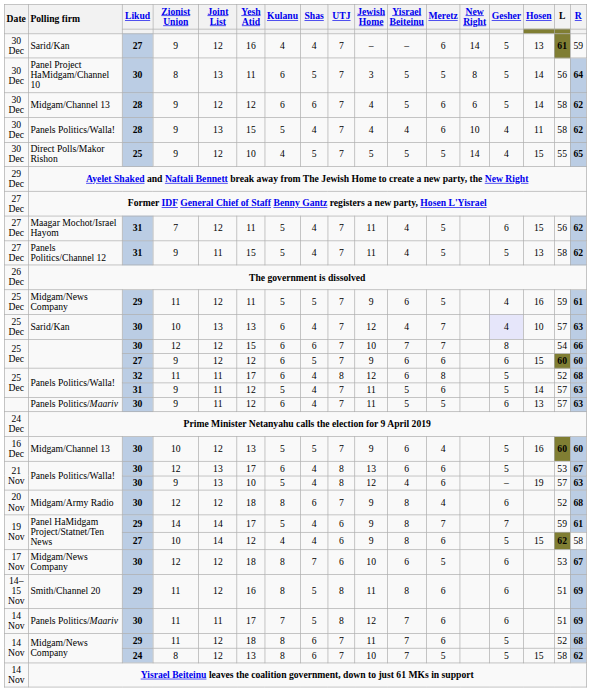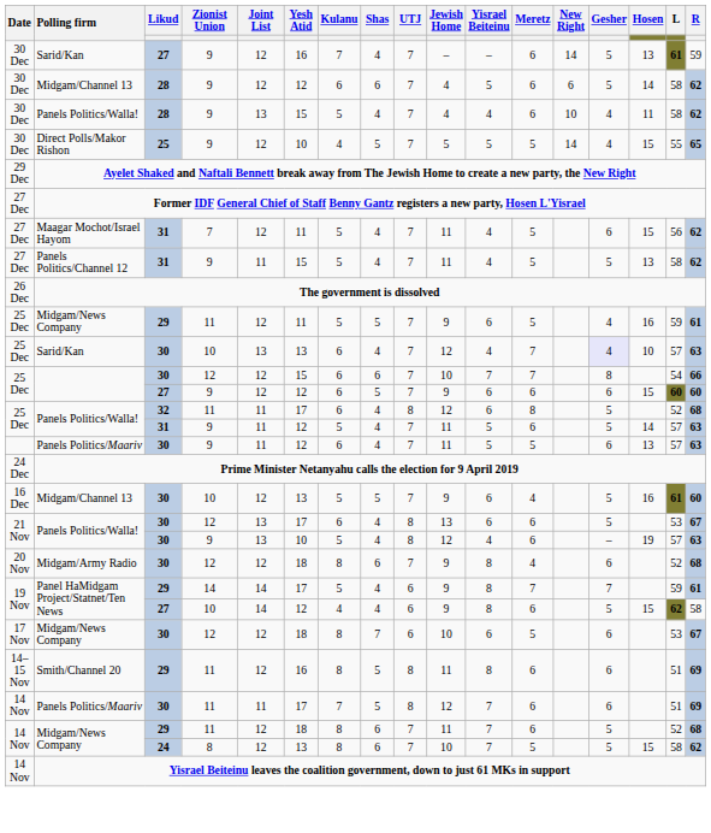 <table class="wikitable sortable" style="text-align:center; font-size:90%; line-height:15px;">
 <tr>
 <th rowspan="2">Date</th>
 <th style="width:150px;text-align:left;" rowspan="2">Polling firm</th>
 <th class="unsortable" style="width:40px;"><a href='#'>Likud</a></th>
 <th class="unsortable" style="width:80px;"><a href='#'>Zionist<br>Union</a></th>
 <th class="unsortable" style="width:70px;"><a href='#'>Joint<br>List</a></th>
 <th class="unsortable" style="width:40px;"><a href='#'>Yesh<br>Atid</a></th>
 <th class="unsortable" style="width:40px;"><a href='#'>Kulanu</a></th>
 <th class="unsortable" style="width:40px;"><a href='#'>Shas</a></th>
 <th class="unsortable" style="width:40px;"><a href='#'>UTJ</a></th>
 <th class="unsortable" style="width:40px;"><a href='#'>Jewish<br>Home</a></th>
 <th class="unsortable" style="width:40px;"><a href='#'>Yisrael<br>Beiteinu</a></th>
 <th class="unsortable" style="width:40px;"><a href='#'>Meretz</a></th>
 <th class="unsortable" style="width:40px;"><a href='#'>New<br>Right</a></th>
 <th class="unsortable" style="width:40px;"><a href='#'>Gesher</a></th>
 <th class="unsortable" style="width:40px;"><a href='#'>Hosen</a></th>
 <th class="unsortable" style="width:20px;">L</th>
 <th class="unsortable" style="width:20px;"><a href='#'>R</a></th>
 </tr>
 <tr>
 <th style="color:inherit;background:"></th>
 <th style="color:inherit;background:"></th>
 <th style="color:inherit;background:"></th>
 <th style="color:inherit;background:"></th>
 <th style="color:inherit;background:"></th>
 <th style="color:inherit;background:"></th>
 <th style="color:inherit;background:"></th>
 <th style="color:inherit;background:"></th>
 <th style="color:inherit;background:"></th>
 <th style="color:inherit;background:"></th>
 <th style="color:inherit;background:"></th>
 <th style="color:inherit;background:"></th>
 <th style="color:inherit;background:#807e33;"></th>
 <th style="color:inherit;background:#807e33;"></th>
 <th style="color:inherit;background:"></th>
 </tr>
 <tr>
 <td data-sort-value="2018-12-30">30 Dec</td>
 <td style="text-align:left;">Sarid/Kan</td>
 <td style="background:#BBCDE4"><strong>27</strong>	</td>
 <td>9					</td>
 <td>12					</td>
 <td>16					</td>
-<td>4					</td>
+<td>7					</td>
 <td>4					</td>
 <td>7					</td>
 <td>–					</td>
 <td>–					</td>
 <td>6					</td>
 <td>14					</td>
 <td>5					</td>
 <td>13					</td>
 <td style="background:#807e33"><strong>61</strong>	</td>
 <td>59					</td>
-</tr>
-<tr>
-<td data-sort-value="2018-12-30">30 Dec</td>
-<td style="text-align:left;">Panel Project HaMidgam/Channel 10</td>
-<td style="background:#BBCDE4"><strong>30</strong>	</td>
-<td>8					</td>
-<td>13					</td>
-<td>11					</td>
-<td>6					</td>
-<td>5					</td>
-<td>7					</td>
-<td>3					</td>
-<td>5					</td>
-<td>5					</td>
-<td>8					</td>
-<td>5					</td>
-<td>14					</td>
-<td>56					</td>
-<td style="background:#BBCDE4"><strong>64</strong>	</td>
 </tr>
 <tr>
 <td data-sort-value="2018-12-30">30 Dec</td>
 <td style="text-align:left;">Midgam/Channel 13</td>
 <td style="background:#BBCDE4"><strong>28</strong>	</td>
 <td>9					</td>
 <td>12					</td>
 <td>12					</td>
 <td>6					</td>
 <td>6					</td>
 <td>7					</td>
 <td>4					</td>
 <td>5					</td>
 <td>6					</td>
 <td>6					</td>
 <td>5					</td>
 <td>14					</td>
 <td>58					</td>
 <td style="background:#BBCDE4"><strong>62</strong>	</td>
 </tr>
 <tr>
 <td data-sort-value="2018-12-30">30 Dec</td>
 <td style="text-align:left;">Panels Politics/Walla!</td>
 <td style="background:#BBCDE4"><strong>28</strong>	</td>
 <td>9					</td>
 <td>13					</td>
 <td>15					</td>
 <td>5					</td>
 <td>4					</td>
 <td>7					</td>
 <td>4					</td>
 <td>4					</td>
 <td>6					</td>
 <td>10					</td>
 <td>4					</td>
 <td>11					</td>
 <td>58					</td>
 <td style="background:#BBCDE4"><strong>62</strong>	</td>
 </tr>
 <tr>
 <td data-sort-value="2018-12-30">30 Dec</td>
 <td style="text-align:left;">Direct Polls/Makor Rishon</td>
 <td style="background:#BBCDE4"><strong>25</strong>	</td>
 <td>9					</td>
 <td>12					</td>
 <td>10					</td>
 <td>4					</td>
 <td>5					</td>
 <td>7					</td>
 <td>5					</td>
 <td>5					</td>
 <td>5					</td>
 <td>14					</td>
 <td>4					</td>
 <td>15					</td>
 <td>55					</td>
 <td style="background:#BBCDE4"><strong>65</strong>	</td>
 </tr>
 <tr>
 <td data-sort-value="2018-12-29">29 Dec</td>
 <td colspan="16"><strong><a href='#'>Ayelet Shaked</a> and <a href='#'>Naftali Bennett</a> break away from The Jewish Home to create a new party, the <a href='#'>New Right</a></strong></td>
 </tr>
 <tr>
 <td data-sort-value="2018-12-27">27 Dec</td>
 <td colspan="16"><strong>Former <a href='#'>IDF</a> <a href='#'>General Chief of Staff</a> <a href='#'>Benny Gantz</a> registers a new party, <a href='#'>Hosen L'Yisrael</a></strong></td>
 </tr>
 <tr>
 <td data-sort-value="2018-12-27">27 Dec</td>
 <td style="text-align:left;">Maagar Mochot/Israel Hayom</td>
 <td style="background:#BBCDE4"><strong>31</strong>	</td>
 <td>7					</td>
 <td>12					</td>
 <td>11					</td>
 <td>5					</td>
 <td>4					</td>
 <td>7					</td>
 <td>11					</td>
 <td>4					</td>
 <td>5					</td>
 <td>				</td>
 <td>6					</td>
 <td>15					</td>
 <td>56					</td>
 <td style="background:#BBCDE4"><strong>62</strong>	</td>
 </tr>
 <tr>
 <td data-sort-value="2018-12-27">27 Dec</td>
 <td style="text-align:left;">Panels Politics/Channel 12</td>
 <td style="background:#BBCDE4"><strong>31</strong>	</td>
 <td>9					</td>
 <td>11					</td>
 <td>15					</td>
 <td>5					</td>
 <td>4					</td>
 <td>7					</td>
 <td>11					</td>
 <td>4					</td>
 <td>5					</td>
 <td>				</td>
 <td>5					</td>
 <td>13					</td>
 <td>58					</td>
 <td style="background:#BBCDE4"><strong>62</strong>	</td>
 </tr>
 <tr>
 <td data-sort-value="2018-12-26">26 Dec</td>
 <td colspan="16"><strong>The government is dissolved</strong></td>
 </tr>
 <tr>
 <td data-sort-value="2018-12-25">25 Dec</td>
 <td style="text-align:left;">Midgam/News Company</td>
 <td style="background:#BBCDE4"><strong>29</strong>	</td>
 <td>11					</td>
 <td>12					</td>
 <td>11					</td>
 <td>5					</td>
 <td>5					</td>
 <td>7					</td>
 <td>9					</td>
 <td>6					</td>
 <td>5					</td>
 <td>				</td>
 <td>4					</td>
 <td>16					</td>
 <td>59					</td>
 <td style="background:#BBCDE4"><strong>61</strong>	</td>
 </tr>
 <tr>
 <td data-sort-value="2018-12-25">25 Dec</td>
 <td style="text-align:left;">Sarid/Kan</td>
 <td style="background:#BBCDE4"><strong>30</strong>	</td>
 <td>10					</td>
 <td>13					</td>
 <td>13					</td>
 <td>6					</td>
 <td>4					</td>
 <td>7					</td>
 <td>12					</td>
 <td>4					</td>
 <td>7					</td>
 <td>				</td>
 <td style="background: lavender;">4					</td>
 <td>10					</td>
 <td>57					</td>
 <td style="background:#BBCDE4"><strong>63</strong>	</td>
 </tr>
 <tr>
 <td rowspan="2" data-sort-value="2018-12-25">25 Dec</td>
 <td rowspan="2" style="text-align:left;"></td>
 <td style="background:#BBCDE4"><strong>30</strong>	</td>
 <td>12					</td>
 <td>12					</td>
 <td>15					</td>
 <td>6					</td>
 <td>6					</td>
 <td>7					</td>
 <td>10					</td>
 <td>7					</td>
 <td>7					</td>
 <td>				</td>
 <td>8					</td>
 <td>				</td>
 <td>54					</td>
 <td style="background:#BBCDE4"><strong>66</strong>	</td>
 </tr>
 <tr>
 <td style="background:#BBCDE4"><strong>27</strong>	</td>
 <td>9					</td>
 <td>12					</td>
 <td>12					</td>
 <td>6					</td>
 <td>5					</td>
 <td>7					</td>
 <td>9					</td>
 <td>6					</td>
 <td>6					</td>
 <td>				</td>
 <td>6					</td>
 <td>15					</td>
 <td style="background:#807e33"><strong>60</strong>	</td>
 <td style="background:#BBCDE4"><strong>60</strong>	</td>
 </tr>
 <tr>
 <td rowspan="2" data-sort-value="2018-12-25">25 Dec</td>
 <td rowspan="2" style="text-align:left;">Panels Politics/Walla!</td>
 <td style="background:#BBCDE4"><strong>32</strong>	</td>
 <td>11					</td>
 <td>11					</td>
 <td>17					</td>
 <td>6					</td>
 <td>4					</td>
 <td>8					</td>
 <td>12					</td>
 <td>6					</td>
 <td>8					</td>
 <td>				</td>
 <td>5					</td>
 <td>				</td>
 <td>52					</td>
 <td style="background:#BBCDE4"><strong>68</strong>	</td>
 </tr>
 <tr>
 <td style="background:#BBCDE4"><strong>31</strong>	</td>
 <td>9					</td>
 <td>11					</td>
 <td>12					</td>
 <td>5					</td>
 <td>4					</td>
 <td>7					</td>
 <td>11					</td>
 <td>5					</td>
 <td>6					</td>
 <td>				</td>
 <td>5					</td>
 <td>14					</td>
 <td>57					</td>
 <td style="background:#BBCDE4"><strong>63</strong>	</td>
 </tr>
 <tr>
 <td data-sort-value="2018-12-25"></td>
 <td style="text-align:left;">Panels Politics/<em>Maariv</em></td>
 <td style="background:#BBCDE4"><strong>30</strong>	</td>
 <td>9					</td>
 <td>11					</td>
 <td>12					</td>
 <td>6					</td>
 <td>4					</td>
 <td>7					</td>
 <td>11					</td>
 <td>5					</td>
 <td>5					</td>
 <td>				</td>
 <td>6					</td>
 <td>13					</td>
 <td>57					</td>
 <td style="background:#BBCDE4"><strong>63</strong>	</td>
 </tr>
 <tr>
 <td data-sort-value="2018-12-24">24 Dec</td>
 <td colspan="16"><strong>Prime Minister Netanyahu calls the election for 9 April 2019</strong></td>
 </tr>
 <tr>
 <td data-sort-value="2018-12-16">16 Dec</td>
 <td style="text-align:left;">Midgam/Channel 13</td>
 <td style="background:#BBCDE4"><strong>30</strong>	</td>
 <td>10					</td>
 <td>12					</td>
 <td>13					</td>
 <td>5					</td>
 <td>5					</td>
 <td>7					</td>
 <td>9					</td>
 <td>6					</td>
 <td>4					</td>
 <td>				</td>
 <td>5					</td>
 <td>16					</td>
-<td style="background:#807e33"><strong>60</strong>	</td>
+<td style="background:#807e33"><strong>61</strong>	</td>
 <td style="background:#BBCDE4"><strong>60</strong>	</td>
 </tr>
 <tr>
 <td rowspan="2" data-sort-value="2018-11-21">21 Nov</td>
 <td rowspan="2" style="text-align:left;">Panels Politics/Walla!</td>
 <td style="background:#BBCDE4"><strong>30</strong>	</td>
 <td>12					</td>
 <td>13					</td>
 <td>17					</td>
 <td>6					</td>
 <td>4					</td>
 <td>8					</td>
 <td>13					</td>
 <td>6					</td>
 <td>6					</td>
 <td>				</td>
 <td>5					</td>
 <td>				</td>
 <td>53					</td>
 <td style="background:#BBCDE4"><strong>67</strong>	</td>
 </tr>
 <tr>
 <td style="background:#BBCDE4"><strong>30</strong>	</td>
 <td>9					</td>
 <td>13					</td>
 <td>10					</td>
 <td>5					</td>
 <td>4					</td>
 <td>8					</td>
 <td>12					</td>
 <td>4					</td>
 <td>6					</td>
 <td>				</td>
 <td>–					</td>
 <td>19					</td>
 <td>57					</td>
 <td style="background:#BBCDE4"><strong>63</strong>	</td>
 </tr>
 <tr>
 <td data-sort-value="2018-11-20">20 Nov</td>
 <td style="text-align:left;">Midgam/Army Radio</td>
 <td style="background:#BBCDE4"><strong>30</strong>	</td>
 <td>12					</td>
 <td>12					</td>
 <td>18					</td>
 <td>8					</td>
 <td>6					</td>
 <td>7					</td>
 <td>9					</td>
 <td>8					</td>
 <td>4					</td>
 <td>				</td>
 <td>6					</td>
 <td>				</td>
 <td>52					</td>
 <td style="background:#BBCDE4"><strong>68</strong>	</td>
 </tr>
 <tr>
 <td rowspan="2" data-sort-value="2018-11-19">19 Nov</td>
 <td rowspan="2" style="text-align:left;">Panel HaMidgam Project/Statnet/Ten News</td>
 <td style="background:#BBCDE4"><strong>29</strong>	</td>
 <td>14					</td>
 <td>14					</td>
 <td>17					</td>
 <td>5					</td>
 <td>4					</td>
 <td>6					</td>
 <td>9					</td>
 <td>8					</td>
 <td>7					</td>
 <td>				</td>
 <td>7					</td>
 <td>				</td>
 <td>59					</td>
 <td style="background:#BBCDE4"><strong>61</strong>	</td>
 </tr>
 <tr>
 <td style="background:#BBCDE4"><strong>27</strong>	</td>
 <td>10					</td>
 <td>14					</td>
 <td>12					</td>
 <td>4					</td>
 <td>4					</td>
 <td>6					</td>
 <td>9					</td>
 <td>8					</td>
 <td>6					</td>
 <td>				</td>
 <td>5					</td>
 <td>15					</td>
 <td style="background:#807e33"><strong>62</strong>	</td>
 <td>58					</td>
 </tr>
 <tr>
 <td data-sort-value="2018-11-17">17 Nov</td>
 <td style="text-align:left;">Midgam/News Company</td>
 <td style="background:#BBCDE4"><strong>30</strong>	</td>
 <td>12					</td>
 <td>12					</td>
 <td>18					</td>
 <td>8					</td>
 <td>7					</td>
 <td>6					</td>
 <td>10					</td>
 <td>6					</td>
 <td>5					</td>
 <td>				</td>
 <td>6					</td>
 <td>				</td>
 <td>53					</td>
 <td style="background:#BBCDE4"><strong>67</strong>	</td>
 </tr>
 <tr>
 <td data-sort-value="2018-11-15">14–15 Nov</td>
 <td style="text-align:left;">Smith/Channel 20</td>
 <td style="background:#BBCDE4"><strong>29</strong>	</td>
 <td>11					</td>
 <td>12					</td>
 <td>16					</td>
 <td>8					</td>
 <td>5					</td>
 <td>8					</td>
 <td>11					</td>
 <td>8					</td>
 <td>6					</td>
 <td>				</td>
 <td>6					</td>
 <td>				</td>
 <td>51					</td>
 <td style="background:#BBCDE4"><strong>69</strong>	</td>
 </tr>
 <tr>
 <td data-sort-value="2018-11-14">14 Nov</td>
 <td style="text-align:left;">Panels Politics/<em>Maariv</em></td>
 <td style="background:#BBCDE4"><strong>30</strong>	</td>
 <td>11					</td>
 <td>11					</td>
 <td>17					</td>
 <td>7					</td>
 <td>5					</td>
 <td>8					</td>
 <td>12					</td>
 <td>7					</td>
 <td>6					</td>
 <td>				</td>
 <td>6					</td>
 <td>				</td>
 <td>51					</td>
 <td style="background:#BBCDE4"><strong>69</strong>	</td>
 </tr>
 <tr>
 <td rowspan="2" data-sort-value="2018-11-14">14 Nov</td>
 <td rowspan="2" style="text-align:left;">Midgam/News Company</td>
 <td style="background:#BBCDE4"><strong>29</strong>	</td>
 <td>11					</td>
 <td>12					</td>
 <td>18					</td>
 <td>8					</td>
 <td>6					</td>
 <td>7					</td>
 <td>11					</td>
 <td>7					</td>
 <td>6					</td>
 <td>				</td>
 <td>5					</td>
 <td>				</td>
 <td>52					</td>
 <td style="background:#BBCDE4"><strong>68</strong>	</td>
 </tr>
 <tr>
 <td style="background:#BBCDE4"><strong>24</strong>	</td>
 <td>8					</td>
 <td>12					</td>
 <td>13					</td>
 <td>8					</td>
 <td>6					</td>
 <td>7					</td>
 <td>10					</td>
 <td>7					</td>
 <td>5					</td>
 <td>				</td>
 <td>5					</td>
 <td>15					</td>
 <td>58					</td>
 <td style="background:#BBCDE4"><strong>62</strong>	</td>
 </tr>
 <tr>
 <td data-sort-value="2018-11-14">14 Nov</td>
 <td colspan="16"><strong><a href='#'>Yisrael Beiteinu</a> leaves the coalition government, down to just 61 MKs in support</strong></td>
 </tr>
 </table>
